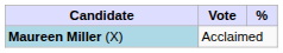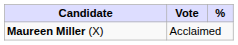 <table class="wikitable">
 <tr>
 <th style="background:#ddf; width:225px;">Candidate</th>
 <th style="background:#ddf; width:50px;">Vote</th>
 <th style="background:#ddf; width:30px;">%</th>
 </tr>
 <tr>
-<td style="background: lightblue;"><strong>Maureen Miller</strong> (X)</td>
+<td><strong>Maureen Miller</strong> (X)</td>
 <td colspan="2">Acclaimed</td>
 </tr>
 </table>
